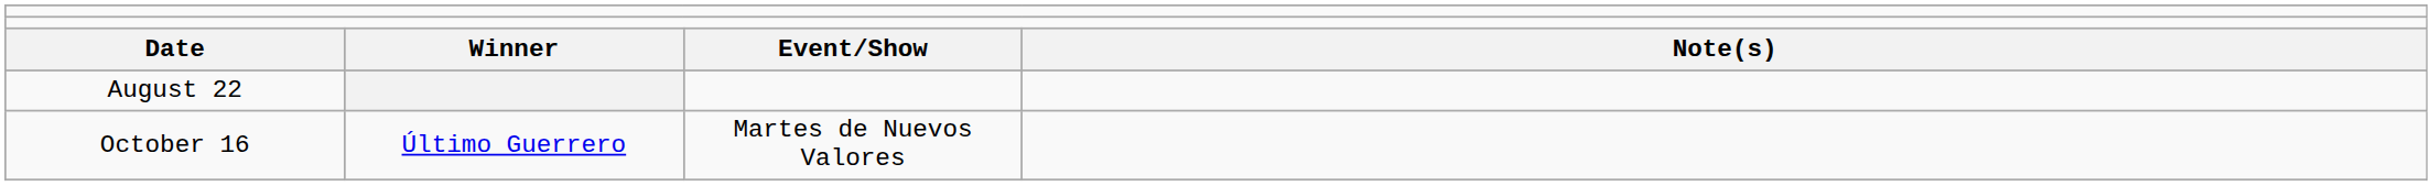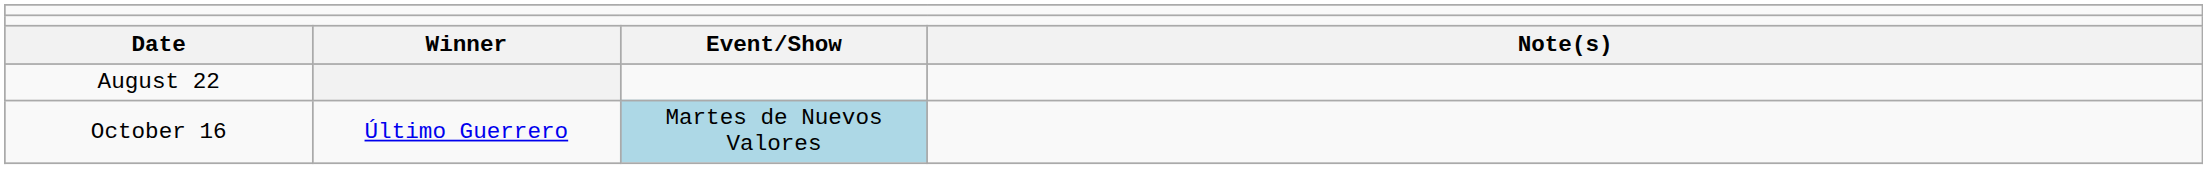 <table class="wikitable" style="text-align:center; width:100%;">
 <tr>
 <td colspan="5"></td>
 </tr>
 <tr>
 <td colspan="5"><strong></strong></td>
 </tr>
 <tr>
 <th width=14%>Date</th>
 <th width=14%>Winner</th>
 <th width=14%>Event/Show</th>
 <th width=58%>Note(s)</th>
 </tr>
 <tr>
 <td>August 22</td>
 <th></th>
 <td></td>
 <td align=left></td>
 </tr>
 <tr>
 <td>October 16</td>
 <td><a href='#'>Último Guerrero</a></td>
-<td>Martes de Nuevos Valores</td>
+<td style="background: lightblue;">Martes de Nuevos Valores</td>
 <td></td>
 </tr>
 </table>
